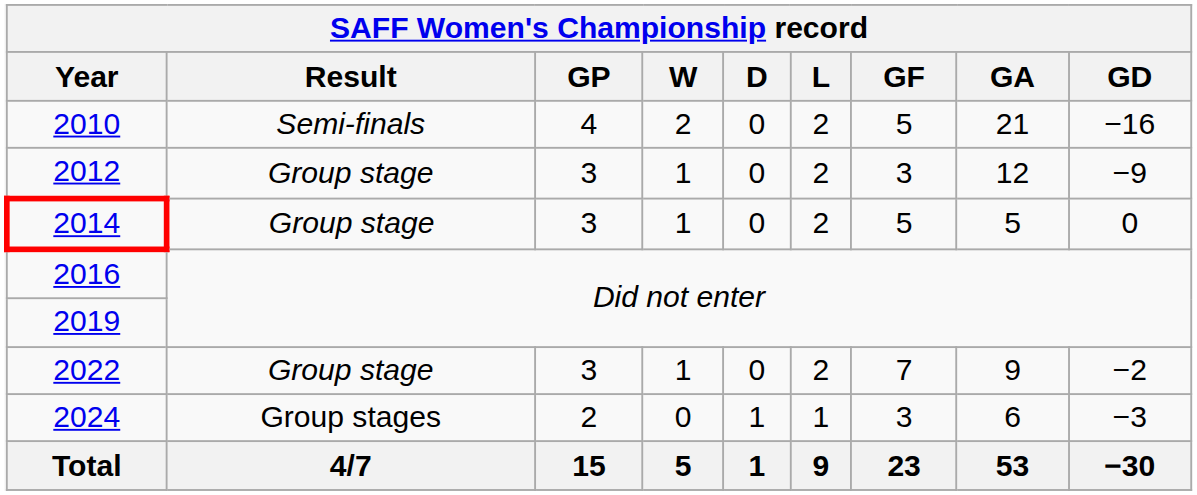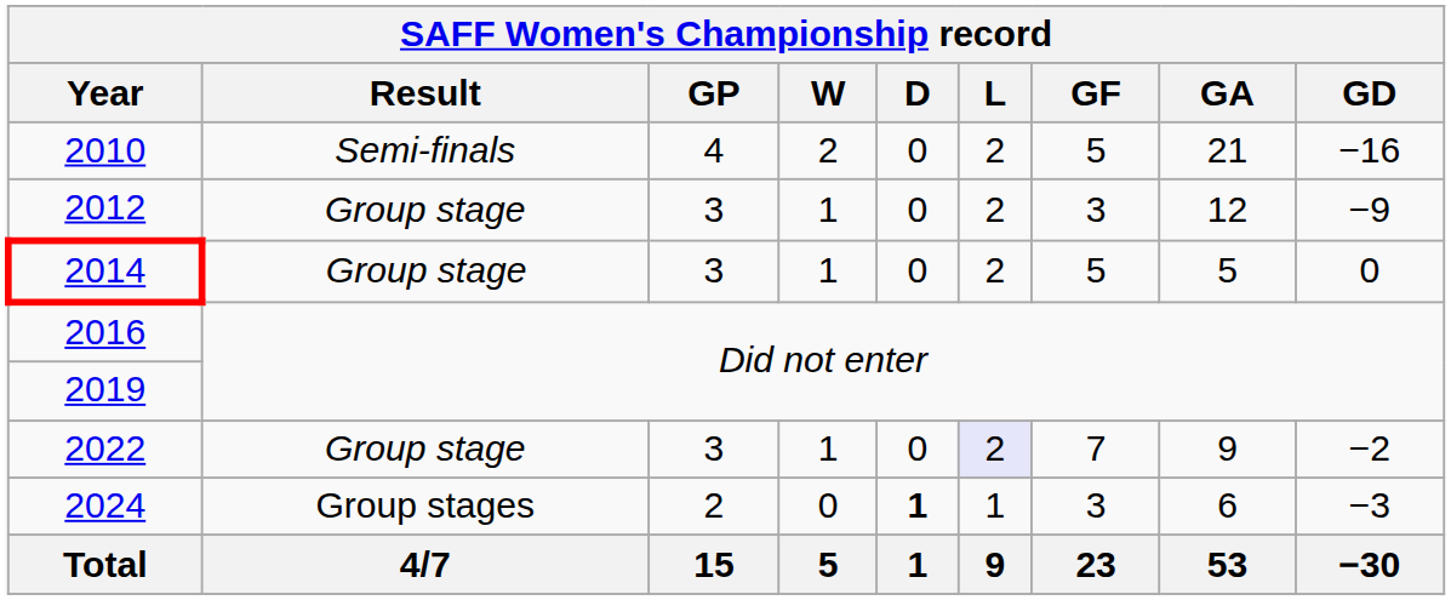 <table class="wikitable sortable" style="text-align: center; width:50%;">
 <tr>
 <th colspan=9><a href='#'>SAFF Women's Championship</a> record</th>
 </tr>
 <tr>
 <th>Year</th>
 <th>Result</th>
 <th>GP</th>
 <th>W</th>
 <th>D</th>
 <th>L</th>
 <th>GF</th>
 <th>GA</th>
 <th>GD</th>
 </tr>
 <tr>
 <td> <a href='#'>2010</a></td>
 <td><em>Semi-finals</em></td>
 <td>4</td>
 <td>2</td>
 <td>0</td>
 <td>2</td>
 <td>5</td>
 <td>21</td>
 <td>−16</td>
 </tr>
 <tr>
 <td> <a href='#'>2012</a></td>
 <td><em>Group stage</em></td>
 <td>3</td>
 <td>1</td>
 <td>0</td>
 <td>2</td>
 <td>3</td>
 <td>12</td>
 <td>−9</td>
 </tr>
 <tr>
 <td style="border: 3px solid red"> <a href='#'>2014</a></td>
 <td><em>Group stage</em></td>
 <td>3</td>
 <td>1</td>
 <td>0</td>
 <td>2</td>
 <td>5</td>
 <td>5</td>
 <td>0</td>
 </tr>
 <tr>
 <td> <a href='#'>2016</a></td>
 <td colspan="8" rowspan="2"><em>Did not enter</em></td>
 </tr>
 <tr>
 <td> <a href='#'>2019</a></td>
 </tr>
 <tr>
 <td> <a href='#'>2022</a></td>
 <td><em>Group stage</em></td>
 <td>3</td>
 <td>1</td>
 <td>0</td>
-<td>2</td>
+<td style="background: lavender;">2</td>
 <td>7</td>
 <td>9</td>
 <td>−2</td>
 </tr>
 <tr>
 <td> <a href='#'>2024</a></td>
 <td>Group stages</td>
 <td>2</td>
 <td>0</td>
-<td>1</td>
+<td><strong>1</strong></td>
 <td>1</td>
 <td>3</td>
 <td>6</td>
 <td>−3</td>
 </tr>
 <tr>
 <th>Total</th>
 <th>4/7</th>
 <th>15</th>
 <th>5</th>
 <th>1</th>
 <th>9</th>
 <th>23</th>
 <th>53</th>
 <th>−30</th>
 </tr>
 </table>
